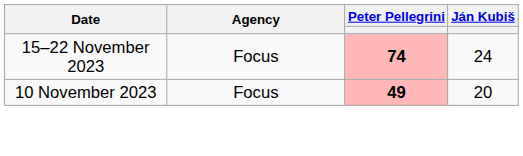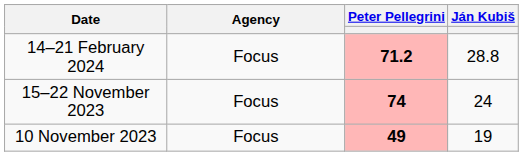 <table class="wikitable" style="text-align:center;">
 <tr style="font-size:80%;">
 <th style="width:150px;" rowspan="2">Date</th>
 <th style="width:165px;" rowspan="2">Agency</th>
 <th><a href='#'>Peter Pellegrini</a></th>
 <th><a href='#'>Ján Kubiš</a></th>
 </tr>
 <tr>
 <th style="background:"></th>
 <th style="background:"></th>
 </tr>
 <tr>
+<td>14–21 February 2024</td>
+<td>Focus</td>
+<td style="background:#FFB7B7;"><strong>71.2</strong></td>
+<td>28.8</td>
+</tr>
+<tr>
 <td>15–22 November 2023</td>
 <td>Focus</td>
 <td style="background:#FFB7B7;"><strong>74</strong></td>
 <td>24</td>
 </tr>
 <tr>
 <td>10 November 2023</td>
 <td>Focus</td>
 <td style="background:#FFB7B7;"><strong>49</strong></td>
-<td>20</td>
+<td>19</td>
 </tr>
 </table>
